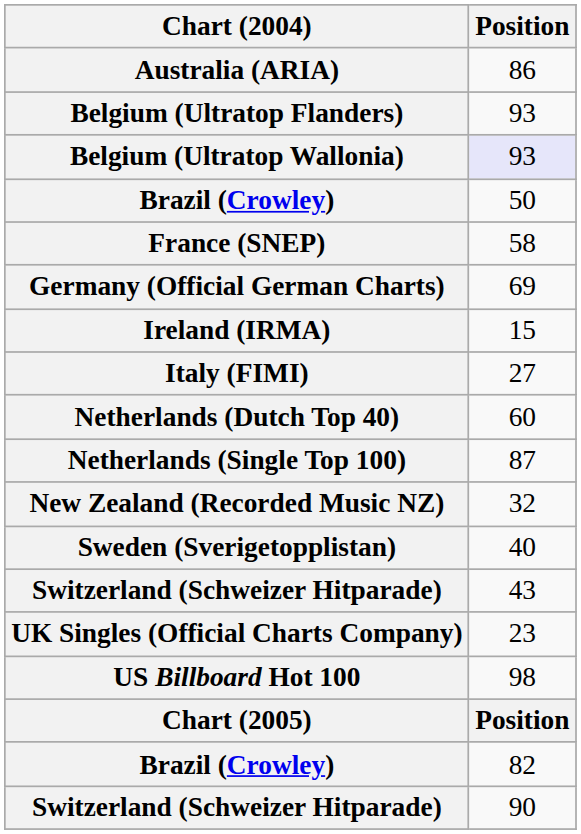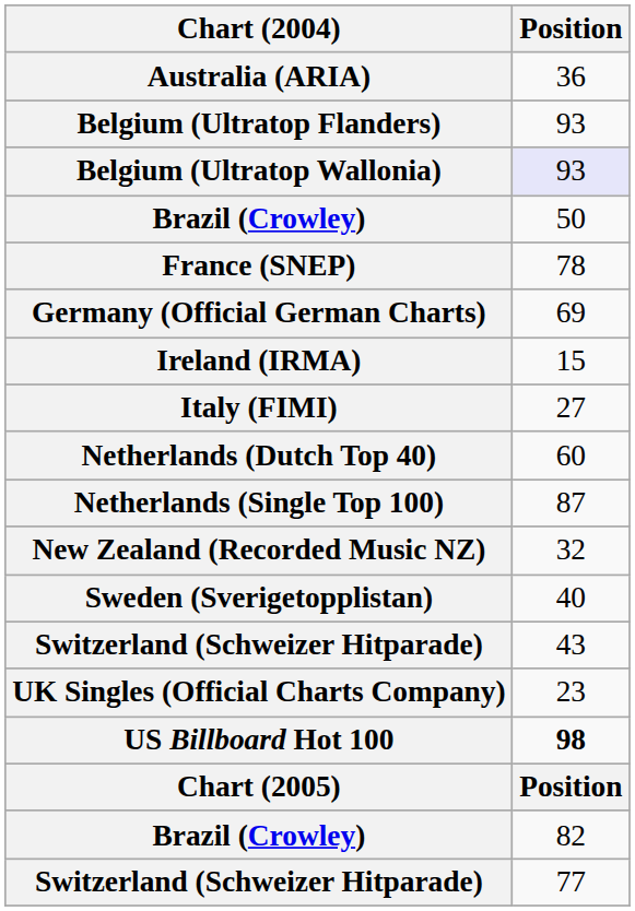 <table class="wikitable sortable plainrowheaders">
 <tr>
 <th>Chart (2004)</th>
 <th>Position</th>
 </tr>
 <tr>
 <th scope="row">Australia (ARIA)</th>
-<td style="text-align:center;">86</td>
+<td style="text-align:center;">36</td>
 </tr>
 <tr>
 <th scope="row">Belgium (Ultratop Flanders)</th>
 <td style="text-align:center;">93</td>
 </tr>
 <tr>
 <th scope="row">Belgium (Ultratop Wallonia)</th>
 <td style="background: lavender; text-align:center;">93</td>
 </tr>
 <tr>
 <th scope="row">Brazil (<a href='#'>Crowley</a>)</th>
 <td style="text-align:center;">50</td>
 </tr>
 <tr>
 <th scope="row">France (SNEP)</th>
-<td style="text-align:center;">58</td>
+<td style="text-align:center;">78</td>
 </tr>
 <tr>
 <th scope="row">Germany (Official German Charts)</th>
 <td style="text-align:center;">69</td>
 </tr>
 <tr>
 <th scope="row">Ireland (IRMA)</th>
 <td style="text-align:center;">15</td>
 </tr>
 <tr>
 <th scope="row">Italy (FIMI)</th>
 <td style="text-align:center;">27</td>
 </tr>
 <tr>
 <th scope="row">Netherlands (Dutch Top 40)</th>
 <td style="text-align:center;">60</td>
 </tr>
 <tr>
 <th scope="row">Netherlands (Single Top 100)</th>
 <td style="text-align:center;">87</td>
 </tr>
 <tr>
 <th scope="row">New Zealand (Recorded Music NZ)</th>
 <td style="text-align:center;">32</td>
 </tr>
 <tr>
 <th scope="row">Sweden (Sverigetopplistan)</th>
 <td style="text-align:center;">40</td>
 </tr>
 <tr>
 <th scope="row">Switzerland (Schweizer Hitparade)</th>
 <td style="text-align:center;">43</td>
 </tr>
 <tr>
 <th scope="row">UK Singles (Official Charts Company)</th>
 <td style="text-align:center;">23</td>
 </tr>
 <tr>
 <th scope="row">US <em>Billboard</em> Hot 100</th>
-<td style="text-align:center;">98</td>
+<td style="text-align:center;"><strong>98</strong></td>
 </tr>
 <tr>
 <th>Chart (2005)</th>
 <th>Position</th>
 </tr>
 <tr>
 <th scope="row">Brazil (<a href='#'>Crowley</a>)</th>
 <td style="text-align:center;">82</td>
 </tr>
 <tr>
 <th scope="row">Switzerland (Schweizer Hitparade)</th>
-<td style="text-align:center;">90</td>
+<td style="text-align:center;">77</td>
 </tr>
 </table>
